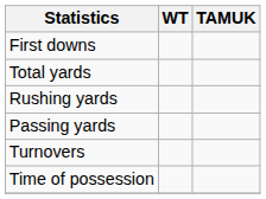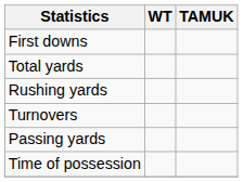 <table class="wikitable" style="float: left;">
 <tr>
 <th>Statistics</th>
 <th>WT</th>
 <th>TAMUK</th>
 </tr>
 <tr>
 <td>First downs</td>
 <td></td>
 <td></td>
 </tr>
 <tr>
 <td>Total yards</td>
 <td></td>
 <td></td>
 </tr>
 <tr>
 <td>Rushing yards</td>
 <td></td>
 <td></td>
 </tr>
 <tr>
-<td>Passing yards</td>
+<td>Turnovers</td>
 <td></td>
 <td></td>
 </tr>
 <tr>
-<td>Turnovers</td>
+<td>Passing yards</td>
 <td></td>
 <td></td>
 </tr>
 <tr>
 <td>Time of possession</td>
 <td></td>
 <td></td>
 </tr>
 <tr>
 </tr>
 </table>
